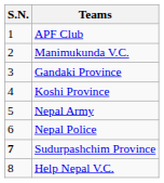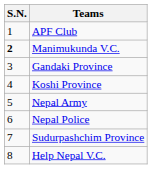 <table class="wikitable">
 <tr>
 <th>S.N.</th>
 <th>Teams</th>
 </tr>
 <tr>
 <td>1</td>
 <td><a href='#'>APF Club</a></td>
 </tr>
 <tr>
-<td>2</td>
+<td><strong>2</strong></td>
 <td><a href='#'>Manimukunda V.C.</a></td>
 </tr>
 <tr>
 <td>3</td>
 <td><a href='#'>Gandaki Province</a></td>
 </tr>
 <tr>
 <td>4</td>
 <td><a href='#'>Koshi Province</a></td>
 </tr>
 <tr>
 <td>5</td>
 <td><a href='#'>Nepal Army</a></td>
 </tr>
 <tr>
 <td>6</td>
 <td><a href='#'>Nepal Police</a></td>
 </tr>
 <tr>
-<td><strong>7</strong></td>
+<td>7</td>
 <td><a href='#'>Sudurpashchim Province</a></td>
 </tr>
 <tr>
 <td>8</td>
 <td><a href='#'>Help Nepal V.C.</a></td>
 </tr>
 </table>
